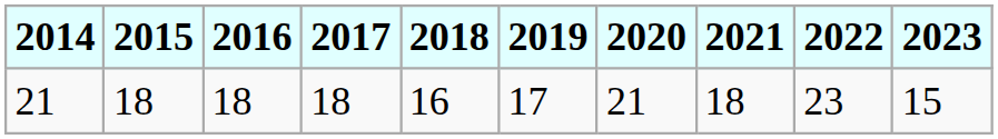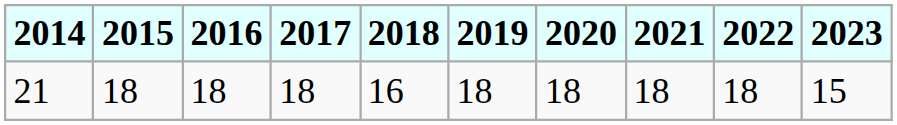 <table class="wikitable">
 <tr align="center" style="background:#e0ffff;">
 <td><strong>2014</strong></td>
 <td><strong>2015</strong></td>
 <td><strong>2016</strong></td>
 <td><strong>2017</strong></td>
 <td><strong>2018</strong></td>
 <td><strong>2019</strong></td>
 <td><strong>2020</strong></td>
 <td><strong>2021</strong></td>
 <td><strong>2022</strong></td>
 <td><strong>2023</strong></td>
 </tr>
 <tr>
 <td>21</td>
 <td>18</td>
 <td>18</td>
 <td>18</td>
 <td>16</td>
-<td>17</td>
-<td>21</td>
 <td>18</td>
-<td>23</td>
+<td>18</td>
+<td>18</td>
+<td>18</td>
 <td>15</td>
 </tr>
 </table>
